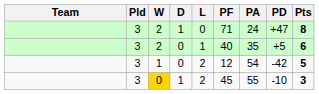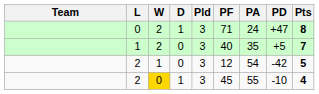 <table class="wikitable" style="text-align:center;">
 <tr>
 <th width=175>Team</th>
-<th width=25 abbr="Played">Pld</th>
+<th width=25 abbr="Lost">L</th>
 <th width=25 abbr="Won">W</th>
 <th width=25 abbr="Drawn">D</th>
-<th width=25 abbr="Lost">L</th>
+<th width=25 abbr="Played">Pld</th>
 <th width=32 abbr="Points for">PF</th>
 <th width=32 abbr="Points against">PA</th>
 <th width=32 abbr="Points difference">PD</th>
 <th width=25 abbr="Points">Pts</th>
 </tr>
 <tr bgcolor=ccffcc>
 <td align=left></td>
-<td>3</td>
+<td>0</td>
 <td>2</td>
 <td>1</td>
-<td>0</td>
+<td>3</td>
 <td>71</td>
 <td>24</td>
 <td>+47</td>
 <td><strong>8</strong></td>
 </tr>
 <tr bgcolor=ccffcc>
 <td align=left></td>
-<td>3</td>
+<td>1</td>
 <td>2</td>
 <td>0</td>
-<td>1</td>
+<td>3</td>
 <td>40</td>
 <td>35</td>
 <td>+5</td>
-<td><strong>6</strong></td>
+<td><strong>7</strong></td>
 </tr>
 <tr>
 <td align=left></td>
-<td>3</td>
+<td>2</td>
 <td>1</td>
 <td>0</td>
-<td>2</td>
+<td>3</td>
 <td>12</td>
 <td>54</td>
 <td>-42</td>
 <td><strong>5</strong></td>
 </tr>
 <tr>
 <td align=left></td>
-<td>3</td>
+<td>2</td>
 <td style="background: gold;">0</td>
 <td>1</td>
-<td>2</td>
+<td>3</td>
 <td>45</td>
 <td>55</td>
 <td>-10</td>
-<td><strong>3</strong></td>
+<td><strong>4</strong></td>
 </tr>
 </table>
